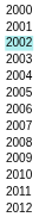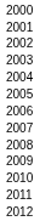 <table>
 <tr>
 <td>2000</td>
 <td></td>
 <td></td>
 <td></td>
 </tr>
 <tr>
 <td>2001</td>
 <td></td>
 <td></td>
 <td></td>
 </tr>
 <tr>
-<td style="background: paleturquoise;">2002</td>
+<td>2002</td>
 <td></td>
 <td></td>
 <td></td>
 </tr>
 <tr>
 <td>2003</td>
 <td></td>
 <td></td>
 <td></td>
 </tr>
 <tr>
 <td>2004</td>
 <td></td>
 <td></td>
 <td></td>
 </tr>
 <tr>
 <td>2005</td>
 <td></td>
 <td></td>
 <td></td>
 </tr>
 <tr>
 <td>2006</td>
 <td></td>
 <td></td>
 <td></td>
 </tr>
 <tr>
 <td>2007</td>
 <td></td>
 <td></td>
 <td></td>
 </tr>
 <tr>
 <td>2008</td>
 <td></td>
 <td></td>
 <td></td>
 </tr>
 <tr>
 <td>2009</td>
 <td></td>
 <td></td>
 <td></td>
 </tr>
 <tr>
 <td>2010</td>
 <td></td>
 <td></td>
 <td></td>
 </tr>
 <tr>
 <td>2011 </td>
 <td></td>
 <td></td>
 <td></td>
 </tr>
 <tr>
 <td>2012</td>
 <td></td>
 <td></td>
 <td></td>
 </tr>
 </table>
